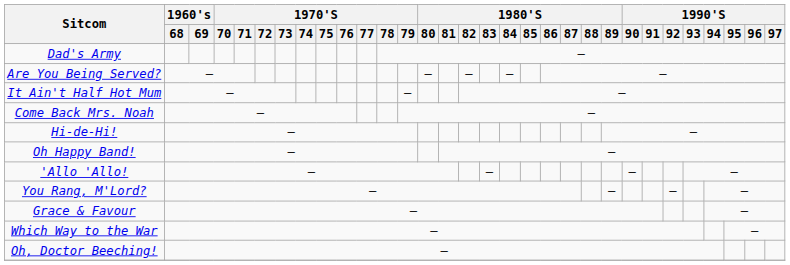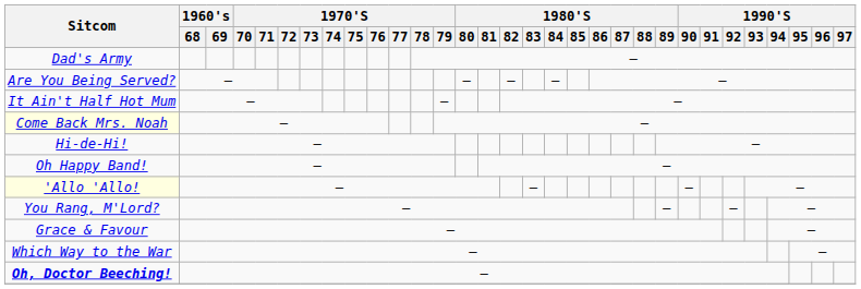 <table class="wikitable" style="text-align: center; font-size: 14px">
 <tr>
 <th rowspan=2>Sitcom</th>
 <th colspan=2>1960's</th>
 <th colspan=10>1970'S</th>
 <th colspan=10>1980'S</th>
 <th colspan=8>1990'S</th>
 </tr>
 <tr>
 <th scope=col data-sort-type="number">68</th>
 <th scope=col data-sort-type="number">69</th>
 <th scope=col data-sort-type="number">70</th>
 <th scope=col data-sort-type="number">71</th>
 <th scope=col data-sort-type="number">72</th>
 <th scope=col data-sort-type="number">73</th>
 <th scope=col data-sort-type="number">74</th>
 <th scope=col data-sort-type="number">75</th>
 <th scope=col data-sort-type="number">76</th>
 <th scope=col data-sort-type="number">77</th>
 <th scope=col data-sort-type="number">78</th>
 <th scope=col data-sort-type="number">79</th>
 <th scope=col data-sort-type="number">80</th>
 <th scope=col data-sort-type="number">81</th>
 <th scope=col data-sort-type="number">82</th>
 <th scope=col data-sort-type="number">83</th>
 <th scope=col data-sort-type="number">84</th>
 <th scope=col data-sort-type="number">85</th>
 <th scope=col data-sort-type="number">86</th>
 <th scope=col data-sort-type="number">87</th>
 <th scope=col data-sort-type="number">88</th>
 <th scope=col data-sort-type="number">89</th>
 <th scope=col data-sort-type="number">90</th>
 <th scope=col data-sort-type="number">91</th>
 <th scope=col data-sort-type="number">92</th>
 <th scope=col data-sort-type="number">93</th>
 <th scope=col data-sort-type="number">94</th>
 <th scope=col data-sort-type="number">95</th>
 <th scope=col data-sort-type="number">96</th>
 <th scope=col data-sort-type="number">97</th>
 </tr>
 <tr>
 <td><em><a href='#'>Dad's Army</a></em></td>
 <td></td>
 <td></td>
 <td></td>
 <td></td>
 <td></td>
 <td></td>
 <td></td>
 <td></td>
 <td></td>
 <td></td>
 <td colspan=20>–</td>
 </tr>
 <tr>
 <td><em><a href='#'>Are You Being Served?</a></em></td>
 <td colspan=4>–</td>
 <td></td>
 <td></td>
 <td></td>
 <td></td>
 <td></td>
 <td></td>
 <td></td>
 <td></td>
 <td>–</td>
 <td></td>
 <td>–</td>
 <td></td>
 <td>–</td>
 <td></td>
 <td colspan=12>–</td>
 </tr>
 <tr>
 <td><em><a href='#'>It Ain't Half Hot Mum</a></em></td>
 <td colspan=6>–</td>
 <td></td>
 <td></td>
 <td></td>
 <td></td>
 <td></td>
 <td>–</td>
 <td></td>
 <td></td>
 <td colspan=18>–</td>
 </tr>
 <tr>
-<td><em><a href='#'>Come Back Mrs. Noah</a></em></td>
+<td style="background: lightyellow;"><em><a href='#'>Come Back Mrs. Noah</a></em></td>
 <td colspan=9>–</td>
 <td></td>
 <td></td>
 <td colspan=19>–</td>
 </tr>
 <tr>
 <td><em><a href='#'>Hi-de-Hi!</a></em></td>
 <td colspan=12>–</td>
 <td></td>
 <td></td>
 <td></td>
 <td></td>
 <td></td>
 <td></td>
 <td></td>
 <td></td>
 <td></td>
 <td colspan=9>–</td>
 </tr>
 <tr>
 <td><em><a href='#'>Oh Happy Band!</a></em></td>
 <td colspan=12>–</td>
 <td></td>
 <td colspan=17>–</td>
 </tr>
 <tr>
-<td><em><a href='#'>'Allo 'Allo!</a></em></td>
+<td style="background: lightyellow;"><em><a href='#'>'Allo 'Allo!</a></em></td>
 <td colspan=14>–</td>
 <td></td>
 <td>–</td>
 <td></td>
 <td></td>
 <td></td>
 <td></td>
 <td></td>
 <td></td>
 <td>–</td>
 <td></td>
 <td></td>
 <td colspan=5>–</td>
 </tr>
 <tr>
 <td><em><a href='#'>You Rang, M'Lord?</a></em></td>
 <td colspan=20>–</td>
 <td></td>
 <td>–</td>
 <td></td>
 <td></td>
 <td>–</td>
 <td></td>
 <td colspan=4>–</td>
 </tr>
 <tr>
 <td><em><a href='#'>Grace & Favour</a></em></td>
 <td colspan=24>–</td>
 <td></td>
 <td></td>
 <td colspan=4>–</td>
 </tr>
 <tr>
 <td><em><a href='#'>Which Way to the War</a></em></td>
 <td colspan=26>–</td>
 <td></td>
 <td colspan=3>–</td>
 </tr>
 <tr>
-<td><em><a href='#'>Oh, Doctor Beeching!</a></em></td>
+<td><strong><em><a href='#'>Oh, Doctor Beeching!</a></em></strong></td>
 <td colspan=27>–</td>
 <td></td>
 <td></td>
 <td></td>
 </tr>
 <tr>
 </tr>
 </table>
